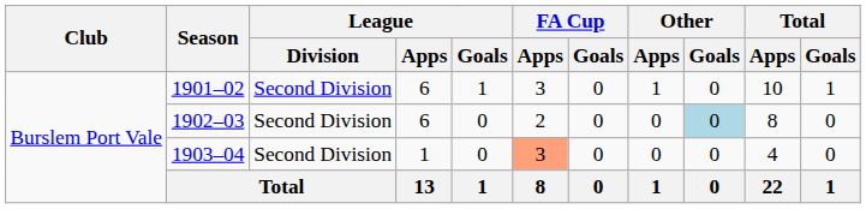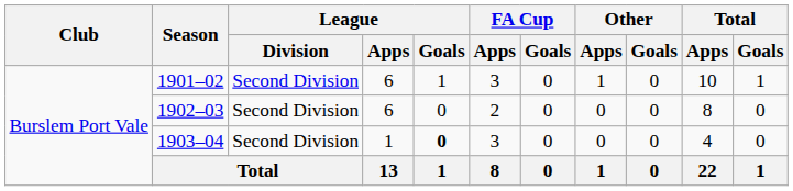 <table class="wikitable" style="text-align:center">
 <tr>
 <th rowspan="2">Club</th>
 <th rowspan="2">Season</th>
 <th colspan="3">League</th>
 <th colspan="2"><a href='#'>FA Cup</a></th>
 <th colspan="2">Other</th>
 <th colspan="2">Total</th>
 </tr>
 <tr>
 <th>Division</th>
 <th>Apps</th>
 <th>Goals</th>
 <th>Apps</th>
 <th>Goals</th>
 <th>Apps</th>
 <th>Goals</th>
 <th>Apps</th>
 <th>Goals</th>
 </tr>
 <tr>
 <td rowspan="4"><a href='#'>Burslem Port Vale</a></td>
 <td><a href='#'>1901–02</a></td>
 <td><a href='#'>Second Division</a></td>
 <td>6</td>
 <td>1</td>
 <td>3</td>
 <td>0</td>
 <td>1</td>
 <td>0</td>
 <td>10</td>
 <td>1</td>
 </tr>
 <tr>
 <td><a href='#'>1902–03</a></td>
 <td>Second Division</td>
 <td>6</td>
 <td>0</td>
 <td>2</td>
 <td>0</td>
 <td>0</td>
-<td style="background: lightblue;">0</td>
+<td>0</td>
 <td>8</td>
 <td>0</td>
 </tr>
 <tr>
 <td><a href='#'>1903–04</a></td>
 <td>Second Division</td>
 <td>1</td>
-<td>0</td>
-<td style="background: lightsalmon;">3</td>
+<td><strong>0</strong></td>
+<td>3</td>
 <td>0</td>
 <td>0</td>
 <td>0</td>
 <td>4</td>
 <td>0</td>
 </tr>
 <tr>
 <th colspan="2">Total</th>
 <th>13</th>
 <th>1</th>
 <th>8</th>
 <th>0</th>
 <th>1</th>
 <th>0</th>
 <th>22</th>
 <th>1</th>
 </tr>
 </table>
